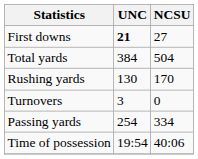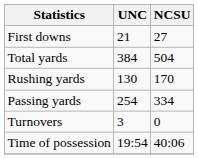 <table class="wikitable">
 <tr>
 <th>Statistics</th>
 <th>UNC</th>
 <th>NCSU</th>
 </tr>
 <tr>
 <td>First downs</td>
-<td><strong>21</strong></td>
+<td>21</td>
 <td>27</td>
 </tr>
 <tr>
 <td>Total yards</td>
 <td>384</td>
 <td>504</td>
 </tr>
 <tr>
 <td>Rushing yards</td>
 <td>130</td>
 <td>170</td>
 </tr>
 <tr>
+<td>Passing yards</td>
+<td>254</td>
+<td>334</td>
+</tr>
+<tr>
 <td>Turnovers</td>
 <td>3</td>
 <td>0</td>
-</tr>
-<tr>
-<td>Passing yards</td>
-<td>254</td>
-<td>334</td>
 </tr>
 <tr>
 <td>Time of possession</td>
 <td>19:54</td>
 <td>40:06</td>
 </tr>
 <tr>
 </tr>
 </table>
